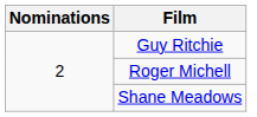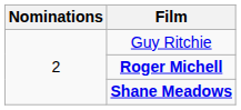 <table class="wikitable" style="text-align:center;">
 <tr>
 <th scope="col" width="55">Nominations</th>
 <th scope="col">Film</th>
 </tr>
 <tr>
 <td rowspan=3>2</td>
 <td><a href='#'>Guy Ritchie</a></td>
 </tr>
 <tr>
-<td><a href='#'>Roger Michell</a></td>
+<td><strong><a href='#'>Roger Michell</a></strong></td>
 </tr>
 <tr>
-<td><a href='#'>Shane Meadows</a></td>
+<td><strong><a href='#'>Shane Meadows</a></strong></td>
 </tr>
 </table>
